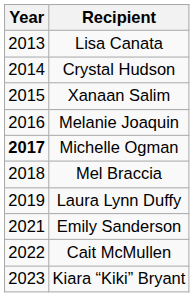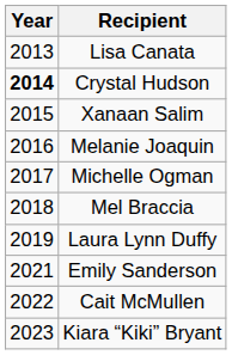 <table class="wikitable" style="text-align:center">
 <tr>
 <th>Year</th>
 <th>Recipient</th>
 </tr>
 <tr>
 <td>2013</td>
 <td>Lisa Canata</td>
 </tr>
 <tr>
-<td>2014</td>
+<td><strong>2014</strong></td>
 <td>Crystal Hudson</td>
 </tr>
 <tr>
 <td>2015</td>
 <td>Xanaan Salim</td>
 </tr>
 <tr>
 <td>2016</td>
 <td>Melanie Joaquin</td>
 </tr>
 <tr>
-<td><strong>2017</strong></td>
+<td>2017</td>
 <td>Michelle Ogman</td>
 </tr>
 <tr>
 <td>2018</td>
 <td>Mel Braccia</td>
 </tr>
 <tr>
 <td>2019</td>
 <td>Laura Lynn Duffy</td>
 </tr>
 <tr>
 <td>2021</td>
 <td>Emily Sanderson</td>
 </tr>
 <tr>
 <td>2022</td>
 <td>Cait McMullen</td>
 </tr>
 <tr>
 <td>2023</td>
 <td>Kiara “Kiki” Bryant</td>
 </tr>
 </table>
